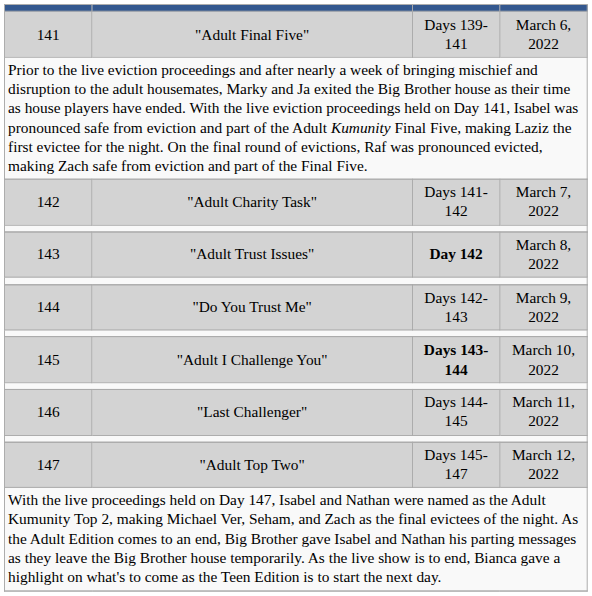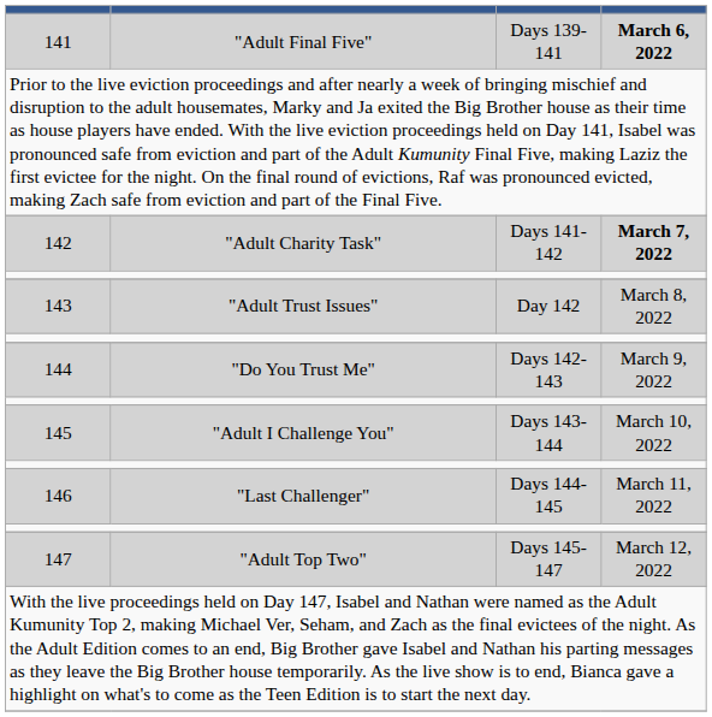 <table class="wikitable sortable" style="font-size:100%; line-height:20px; text-align:center">
 <tr>
 <th width="15%" style="background:#34588F"></th>
 <th width="55%" style="background:#34588F"></th>
 <th width="15%" style="background:#34588F"></th>
 <th width="15%" style="background:#34588F"></th>
 </tr>
 <tr style="background:lightgrey;">
 <td>141</td>
 <td>"Adult Final Five"</td>
 <td>Days 139-141</td>
-<td>March 6, 2022</td>
+<td><strong>March 6, 2022</strong></td>
 </tr>
 <tr>
 <td colspan="4" align="left">Prior to the live eviction proceedings and after nearly a week of bringing mischief and disruption to the adult housemates, Marky and Ja exited the Big Brother house as their time as house players have ended. With the live eviction proceedings held on Day 141, Isabel was pronounced safe from eviction and part of the Adult <em>Kumunity</em> Final Five, making Laziz the first evictee for the night. On the final round of evictions, Raf was pronounced evicted, making Zach safe from eviction and part of the Final Five.</td>
 </tr>
 <tr>
 </tr>
 <tr style="background:lightgrey;">
 <td>142</td>
 <td>"Adult Charity Task"</td>
 <td>Days 141-142</td>
-<td>March 7, 2022</td>
+<td><strong>March 7, 2022</strong></td>
 </tr>
 <tr>
 <td colspan="4" align="left"></td>
 </tr>
 <tr>
 </tr>
 <tr style="background:lightgrey;">
 <td>143</td>
 <td>"Adult Trust Issues"</td>
-<td><strong>Day 142</strong></td>
+<td>Day 142</td>
 <td>March 8, 2022</td>
 </tr>
 <tr>
 <td colspan="4" align="left"></td>
 </tr>
 <tr>
 </tr>
 <tr style="background:lightgrey;">
 <td>144</td>
 <td>"Do You Trust Me"</td>
 <td>Days 142-143</td>
 <td>March 9, 2022</td>
 </tr>
 <tr>
 <td colspan="4" align="left"></td>
 </tr>
 <tr>
 </tr>
 <tr style="background:lightgrey;">
 <td>145</td>
 <td>"Adult I Challenge You"</td>
-<td><strong>Days 143-144</strong></td>
+<td>Days 143-144</td>
 <td>March 10, 2022</td>
 </tr>
 <tr>
 <td colspan="4" align="left"></td>
 </tr>
 <tr>
 </tr>
 <tr style="background:lightgrey;">
 <td>146</td>
 <td>"Last Challenger"</td>
 <td>Days 144-145</td>
 <td>March 11, 2022</td>
 </tr>
 <tr>
 <td colspan="4" align="left"></td>
 </tr>
 <tr>
 </tr>
 <tr style="background:lightgrey;">
 <td>147</td>
 <td>"Adult Top Two"</td>
 <td>Days 145-147</td>
 <td>March 12, 2022</td>
 </tr>
 <tr>
 <td colspan="4" align="left">With the live proceedings held on Day 147, Isabel and Nathan were named as the Adult Kumunity Top 2, making Michael Ver, Seham, and Zach as the final evictees of the night. As the Adult Edition comes to an end, Big Brother gave Isabel and Nathan his parting messages as they leave the Big Brother house temporarily. As the live show is to end, Bianca gave a highlight on what's to come as the Teen Edition is to start the next day.</td>
 </tr>
 <tr>
 </tr>
 </table>
